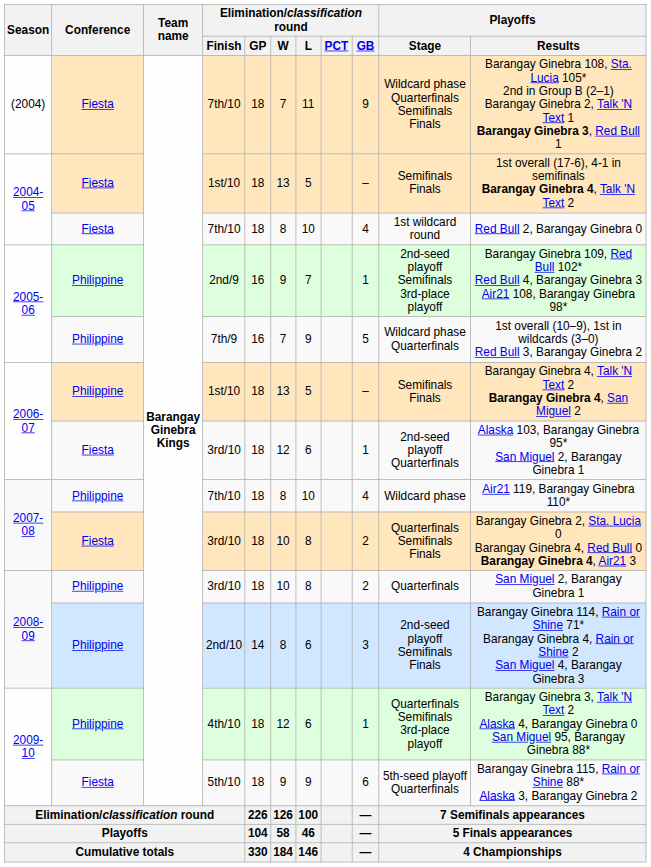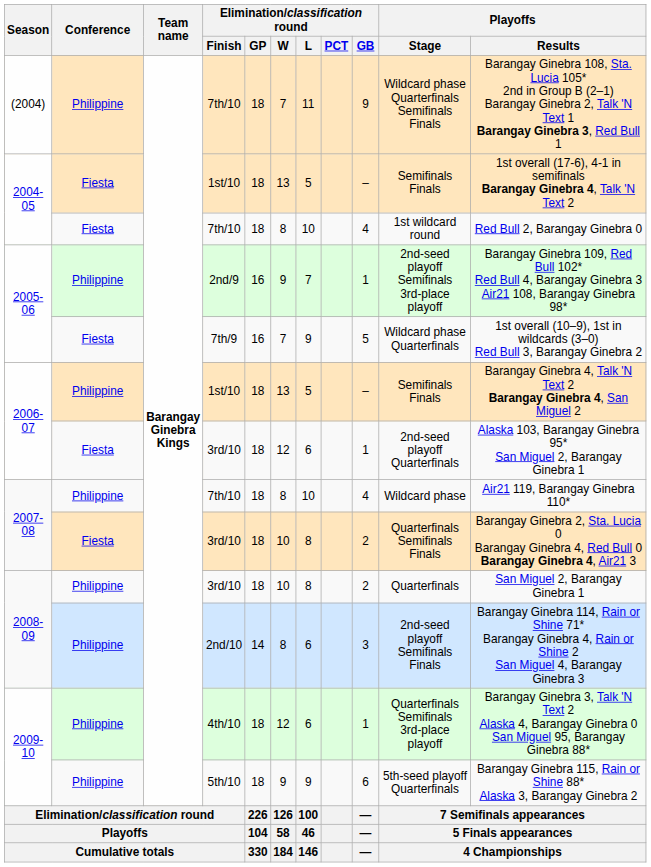 <table class=wikitable style="text-align:center;">
 <tr>
 <th width=50px rowspan=2>Season</th>
 <th width=120px rowspan=2>Conference</th>
 <th width=60px rowspan=2>Team name</th>
 <th colspan=6>Elimination/<em>classification</em> round</th>
 <th colspan=2>Playoffs</th>
 </tr>
 <tr>
 <th width=50px>Finish</th>
 <th width=20px>GP</th>
 <th width=20px>W</th>
 <th width=20px>L</th>
 <th width=35px><a href='#'>PCT</a></th>
 <th width=30px><a href='#'>GB</a></th>
 <th width=120px>Stage</th>
 <th width=250px>Results</th>
 </tr>
 <tr bgcolor=#FFE6BD>
 <td bgcolor=#fefefe>(2004)</td>
-<td><a href='#'>Fiesta</a></td>
+<td><a href='#'>Philippine</a></td>
 <td rowspan=13 bgcolor=fefefe><strong>Barangay Ginebra Kings</strong></td>
 <td>7th/10</td>
 <td>18</td>
 <td>7</td>
 <td>11</td>
 <td></td>
 <td>9</td>
 <td>Wildcard phase<br>Quarterfinals<br>Semifinals<br>Finals</td>
 <td>Barangay Ginebra 108, <a href='#'>Sta. Lucia</a> 105*<br>2nd in Group B (2–1)<br>Barangay Ginebra 2, <a href='#'>Talk 'N Text</a> 1<br><strong>Barangay Ginebra 3</strong>, <a href='#'>Red Bull</a> 1</td>
 </tr>
 <tr bgcolor=#FFE6BD>
 <td bgcolor=#fefefe rowspan=2><a href='#'>2004-05</a></td>
 <td><a href='#'>Fiesta</a></td>
 <td>1st/10</td>
 <td>18</td>
 <td>13</td>
 <td>5</td>
 <td></td>
 <td>–</td>
 <td>Semifinals<br>Finals</td>
 <td>1st overall (17-6), 4-1 in semifinals <br><strong>Barangay Ginebra 4</strong>, <a href='#'>Talk 'N Text</a> 2</td>
 </tr>
 <tr>
 <td><a href='#'>Fiesta</a></td>
 <td>7th/10</td>
 <td>18</td>
 <td>8</td>
 <td>10</td>
 <td></td>
 <td>4</td>
 <td>1st wildcard round</td>
 <td><a href='#'>Red Bull</a> 2, Barangay Ginebra 0</td>
 </tr>
 <tr bgcolor=#DDFFDD>
 <td bgcolor=#fefefe rowspan=2><a href='#'>2005-06</a></td>
 <td><a href='#'>Philippine</a></td>
 <td>2nd/9</td>
 <td>16</td>
 <td>9</td>
 <td>7</td>
 <td></td>
 <td>1</td>
 <td>2nd-seed playoff<br>Semifinals<br>3rd-place playoff</td>
 <td>Barangay Ginebra 109, <a href='#'>Red Bull</a> 102*<br><a href='#'>Red Bull</a> 4, Barangay Ginebra 3<br><a href='#'>Air21</a> 108, Barangay Ginebra 98*</td>
 </tr>
 <tr>
-<td><a href='#'>Philippine</a></td>
+<td><a href='#'>Fiesta</a></td>
 <td>7th/9</td>
 <td>16</td>
 <td>7</td>
 <td>9</td>
 <td></td>
 <td>5</td>
 <td>Wildcard phase<br>Quarterfinals</td>
 <td>1st overall (10–9), 1st in wildcards (3–0)<br><a href='#'>Red Bull</a> 3, Barangay Ginebra 2</td>
 </tr>
 <tr bgcolor=#FFE6BD>
 <td bgcolor=#fefefe rowspan=2><a href='#'>2006-07</a></td>
 <td><a href='#'>Philippine</a></td>
 <td>1st/10</td>
 <td>18</td>
 <td>13</td>
 <td>5</td>
 <td></td>
 <td>–</td>
 <td>Semifinals<br>Finals</td>
 <td>Barangay Ginebra 4, <a href='#'>Talk 'N Text</a> 2<br><strong>Barangay Ginebra 4</strong>, <a href='#'>San Miguel</a> 2</td>
 </tr>
 <tr>
 <td><a href='#'>Fiesta</a></td>
 <td>3rd/10</td>
 <td>18</td>
 <td>12</td>
 <td>6</td>
 <td></td>
 <td>1</td>
 <td>2nd-seed playoff<br>Quarterfinals</td>
 <td><a href='#'>Alaska</a> 103, Barangay Ginebra 95*<br><a href='#'>San Miguel</a> 2, Barangay Ginebra 1</td>
 </tr>
 <tr>
 <td rowspan=2><a href='#'>2007-08</a></td>
 <td><a href='#'>Philippine</a></td>
 <td>7th/10</td>
 <td>18</td>
 <td>8</td>
 <td>10</td>
 <td></td>
 <td>4</td>
 <td>Wildcard phase</td>
 <td><a href='#'>Air21</a> 119, Barangay Ginebra 110*</td>
 </tr>
 <tr bgcolor=#FFE6BD>
 <td><a href='#'>Fiesta</a></td>
 <td>3rd/10</td>
 <td>18</td>
 <td>10</td>
 <td>8</td>
 <td></td>
 <td>2</td>
 <td>Quarterfinals <br>Semifinals<br>Finals</td>
 <td>Barangay Ginebra 2, <a href='#'>Sta. Lucia</a> 0<br>Barangay Ginebra 4, <a href='#'>Red Bull</a> 0<br><strong>Barangay Ginebra 4</strong>, <a href='#'>Air21</a> 3</td>
 </tr>
 <tr>
 <td rowspan=2><a href='#'>2008-09</a></td>
 <td><a href='#'>Philippine</a></td>
 <td>3rd/10</td>
 <td>18</td>
 <td>10</td>
 <td>8</td>
 <td></td>
 <td>2</td>
 <td>Quarterfinals</td>
 <td><a href='#'>San Miguel</a> 2, Barangay Ginebra 1</td>
 </tr>
 <tr bgcolor=#D0E7FF>
 <td><a href='#'>Philippine</a></td>
 <td>2nd/10</td>
 <td>14</td>
 <td>8</td>
 <td>6</td>
 <td></td>
 <td>3</td>
 <td>2nd-seed playoff<br>Semifinals<br>Finals</td>
 <td>Barangay Ginebra 114, <a href='#'>Rain or Shine</a> 71*<br>Barangay Ginebra 4, <a href='#'>Rain or Shine</a> 2<br><a href='#'>San Miguel</a> 4, Barangay Ginebra 3</td>
 </tr>
 <tr bgcolor=#DDFFDD>
 <td bgcolor=#fefefe rowspan=2><a href='#'>2009-10</a></td>
 <td><a href='#'>Philippine</a></td>
 <td>4th/10</td>
 <td>18</td>
 <td>12</td>
 <td>6</td>
 <td></td>
 <td>1</td>
 <td>Quarterfinals<br>Semifinals<br>3rd-place playoff</td>
 <td>Barangay Ginebra 3, <a href='#'>Talk 'N Text</a> 2<br><a href='#'>Alaska</a> 4, Barangay Ginebra 0<br><a href='#'>San Miguel</a> 95, Barangay Ginebra 88*</td>
 </tr>
 <tr>
-<td><a href='#'>Fiesta</a></td>
+<td><a href='#'>Philippine</a></td>
 <td>5th/10</td>
 <td>18</td>
 <td>9</td>
 <td>9</td>
 <td></td>
 <td>6</td>
 <td>5th-seed playoff<br>Quarterfinals</td>
 <td>Barangay Ginebra 115, <a href='#'>Rain or Shine</a> 88*<br><a href='#'>Alaska</a> 3, Barangay Ginebra 2</td>
 </tr>
 <tr>
 <th colspan=4>Elimination/<em>classification</em> round</th>
 <th>226</th>
 <th>126</th>
 <th>100</th>
 <th></th>
 <th>—</th>
 <th colspan=2>7 Semifinals appearances</th>
 </tr>
 <tr>
 <th colspan=4>Playoffs</th>
 <th>104</th>
 <th>58</th>
 <th>46</th>
 <th></th>
 <th>—</th>
 <th colspan=2>5 Finals appearances</th>
 </tr>
 <tr>
 <th colspan=4>Cumulative totals</th>
 <th>330</th>
 <th>184</th>
 <th>146</th>
 <th></th>
 <th>—</th>
 <th colspan=2>4 Championships</th>
 </tr>
 </table>
